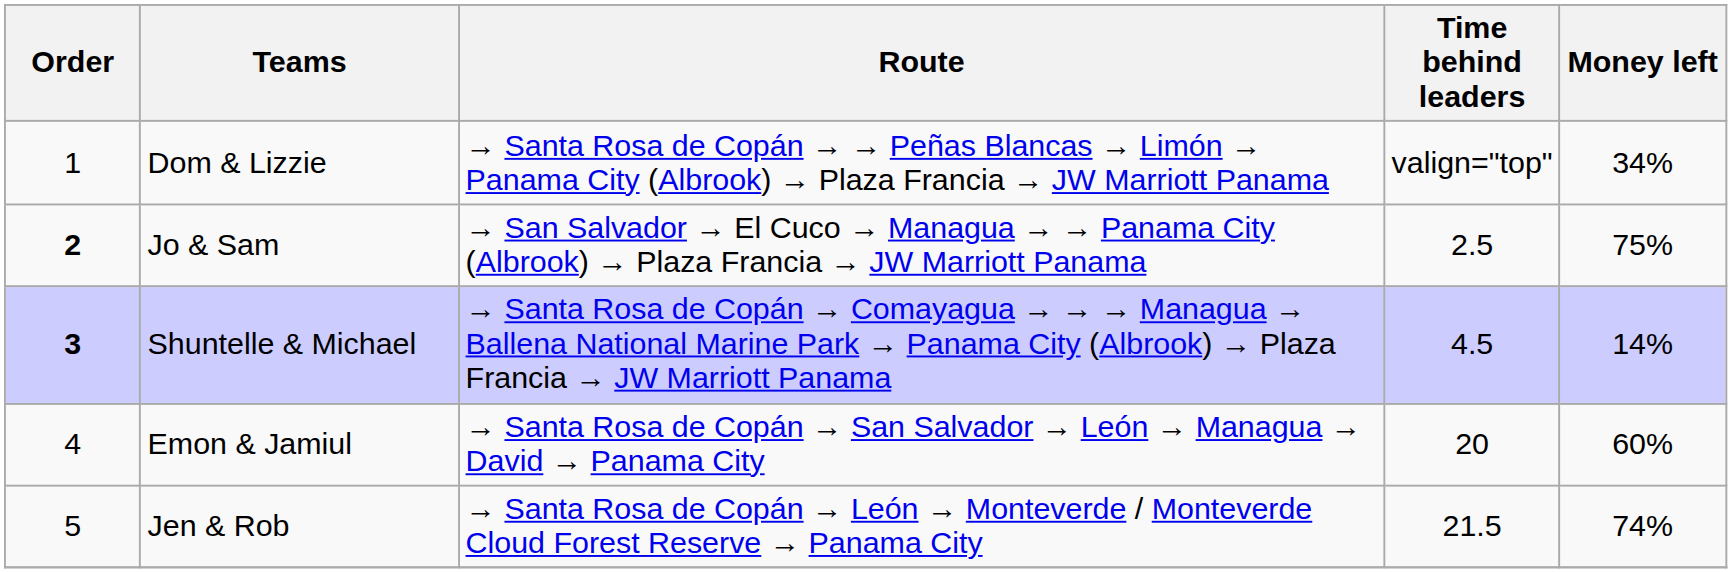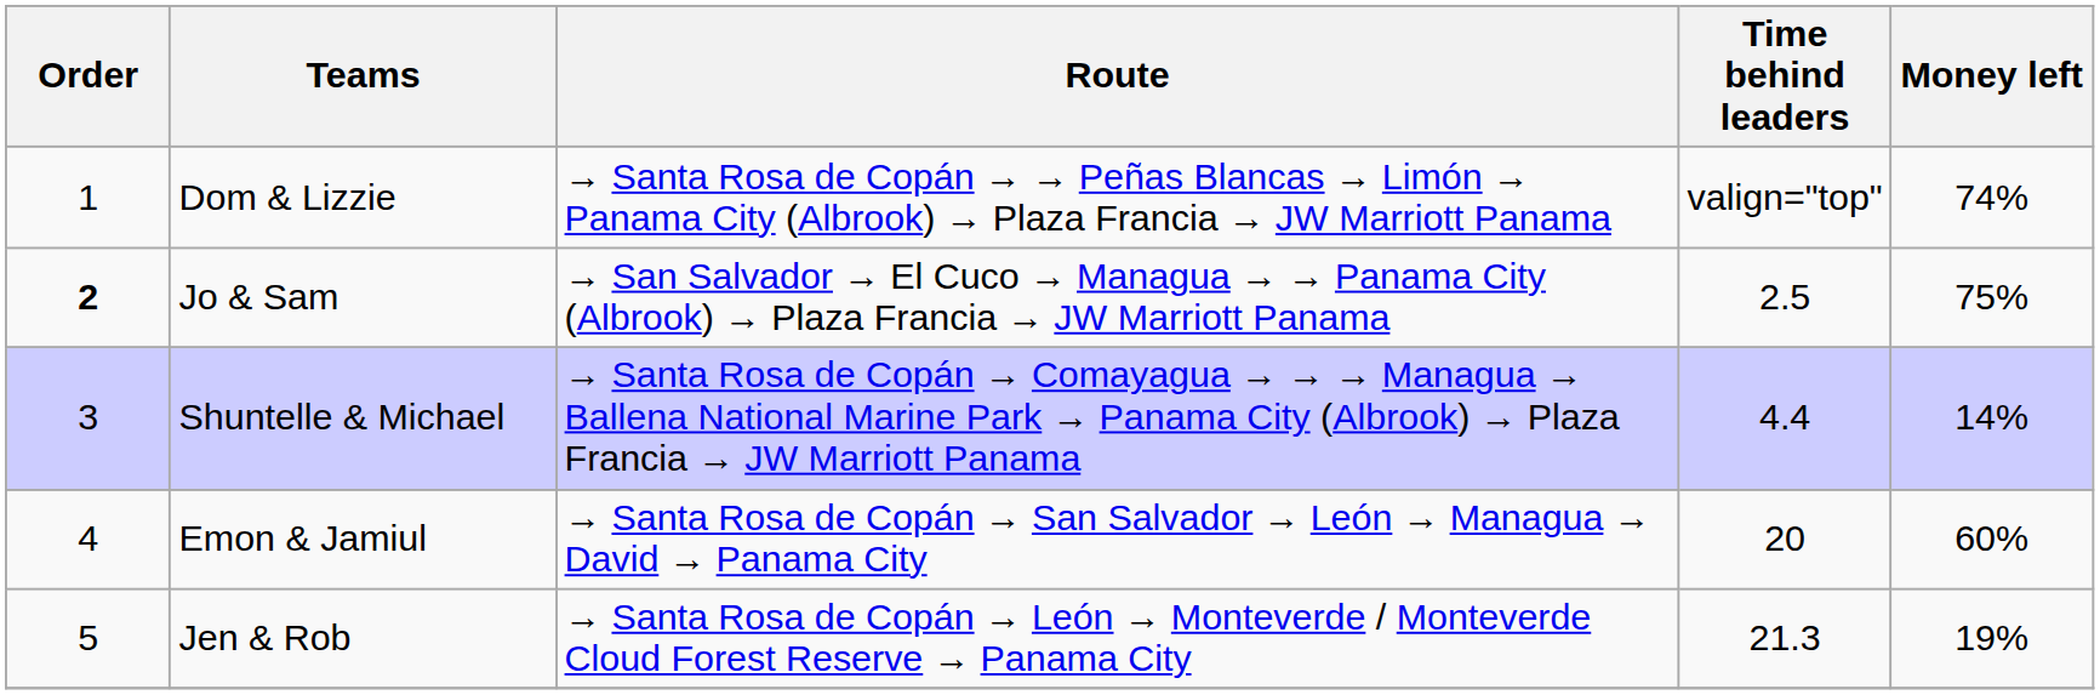 <table class="wikitable sortable" style="text-align:center">
 <tr>
 <th style="width:4em">Order</th>
 <th style="width:10em">Teams</th>
 <th style="width:30em">Route</th>
 <th style="width:5em">Time behind leaders</th>
 <th style="width:5em">Money left</th>
 </tr>
 <tr>
 <td>1</td>
 <td style="text-align:left">Dom & Lizzie</td>
 <td style="text-align:left"> → <a href='#'>Santa Rosa de Copán</a> →  → <a href='#'>Peñas Blancas</a> → <a href='#'>Limón</a>   → <a href='#'>Panama City</a> (<a href='#'>Albrook</a>)  → Plaza Francia  → <a href='#'>JW Marriott Panama</a></td>
 <td>valign="top" </td>
-<td>34%</td>
+<td>74%</td>
 </tr>
 <tr>
 <td><strong>2</strong></td>
 <td style="text-align:left">Jo & Sam</td>
 <td style="text-align:left"> → <a href='#'>San Salvador</a> → El Cuco  → <a href='#'>Managua</a>  →  → <a href='#'>Panama City</a> (<a href='#'>Albrook</a>)  → Plaza Francia → <a href='#'>JW Marriott Panama</a></td>
 <td>2.5</td>
 <td>75%</td>
 </tr>
 <tr style="background:#ccf">
-<td><strong>3</strong></td>
+<td>3</td>
 <td style="text-align:left">Shuntelle & Michael</td>
 <td style="text-align:left"> → <a href='#'>Santa Rosa de Copán</a>  → <a href='#'>Comayagua</a>  →  →  → <a href='#'>Managua</a> → <a href='#'>Ballena National Marine Park</a>   → <a href='#'>Panama City</a> (<a href='#'>Albrook</a>)  → Plaza Francia → <a href='#'>JW Marriott Panama</a></td>
-<td>4.5</td>
+<td>4.4</td>
 <td>14%</td>
 </tr>
 <tr>
 <td>4</td>
 <td style="text-align:left">Emon & Jamiul</td>
 <td style="text-align:left"> → <a href='#'>Santa Rosa de Copán</a> → <a href='#'>San Salvador</a> → <a href='#'>León</a>  → <a href='#'>Managua</a>  → <a href='#'>David</a>  → <a href='#'>Panama City</a></td>
 <td>20</td>
 <td>60%</td>
 </tr>
 <tr>
 <td>5</td>
 <td style="text-align:left">Jen & Rob</td>
 <td style="text-align:left"> → <a href='#'>Santa Rosa de Copán</a>  → <a href='#'>León</a>  → <a href='#'>Monteverde</a> / <a href='#'>Monteverde Cloud Forest Reserve</a>  → <a href='#'>Panama City</a></td>
-<td>21.5</td>
-<td>74%</td>
+<td>21.3</td>
+<td>19%</td>
 </tr>
 <tr>
 </tr>
 </table>
